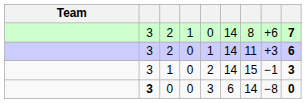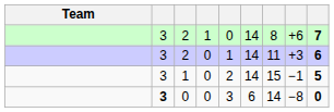 <table class="wikitable" style="text-align: center;">
 <tr>
 <th width="175">Team</th>
 <th width="20"></th>
 <th width="20"></th>
 <th width="20"></th>
 <th width="20"></th>
 <th width="20"></th>
 <th width="20"></th>
 <th width="20"></th>
 <th width="20"></th>
 </tr>
 <tr bgcolor="#ccffcc">
 <td align=left></td>
 <td>3</td>
 <td>2</td>
 <td>1</td>
 <td>0</td>
 <td>14</td>
 <td>8</td>
 <td>+6</td>
 <td><strong>7</strong></td>
 </tr>
 <tr bgcolor="#ccccff">
 <td align=left></td>
 <td>3</td>
 <td>2</td>
 <td>0</td>
 <td>1</td>
 <td>14</td>
 <td>11</td>
 <td>+3</td>
 <td><strong>6</strong></td>
 </tr>
 <tr>
 <td align=left></td>
 <td>3</td>
 <td>1</td>
 <td>0</td>
 <td>2</td>
 <td>14</td>
 <td>15</td>
 <td>−1</td>
-<td><strong>3</strong></td>
+<td><strong>5</strong></td>
 </tr>
 <tr>
 <td align=left></td>
 <td><strong>3</strong></td>
 <td>0</td>
 <td>0</td>
 <td>3</td>
 <td>6</td>
 <td>14</td>
 <td>−8</td>
 <td><strong>0</strong></td>
 </tr>
 </table>
